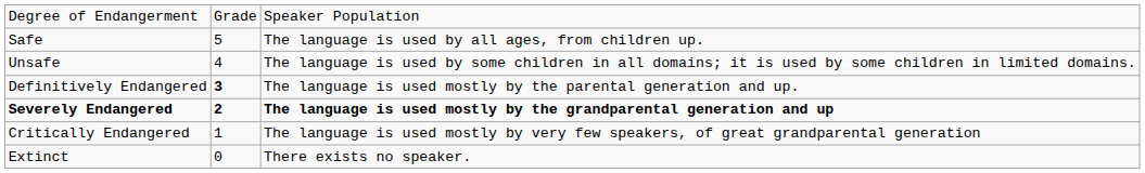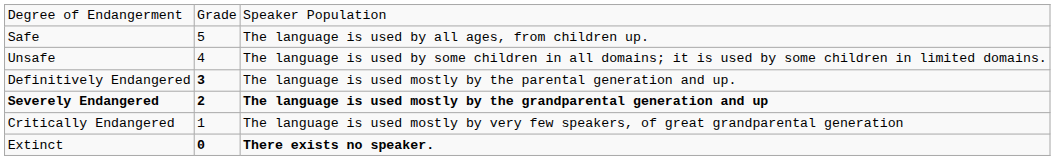 <table class="wikitable">
 <tr>
 <td>Degree of Endangerment</td>
 <td>Grade</td>
 <td>Speaker Population</td>
 </tr>
 <tr>
 <td>Safe</td>
 <td>5</td>
 <td>The language is used by all ages,  from children up.</td>
 </tr>
 <tr>
 <td>Unsafe</td>
 <td>4</td>
 <td>The language is used by some  children in all domains; it is used by some children in limited domains.</td>
 </tr>
 <tr>
 <td>Definitively Endangered</td>
 <td><strong>3</strong></td>
 <td>The language is used mostly by the  parental generation and up.</td>
 </tr>
 <tr>
 <td><strong>Severely Endangered</strong></td>
 <td><strong>2</strong></td>
 <td><strong>The language is used mostly by the grandparental generation and up</strong></td>
 </tr>
 <tr>
 <td>Critically Endangered</td>
 <td>1</td>
 <td>The language is used mostly by very  few speakers, of great grandparental generation</td>
 </tr>
 <tr>
 <td>Extinct</td>
-<td>0</td>
-<td>There exists no speaker.</td>
+<td><strong>0</strong></td>
+<td><strong>There exists no speaker.</strong></td>
 </tr>
 </table>
